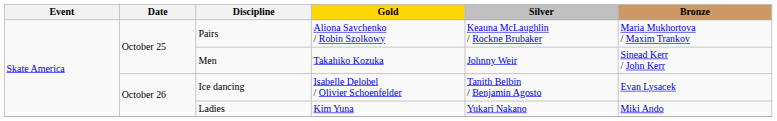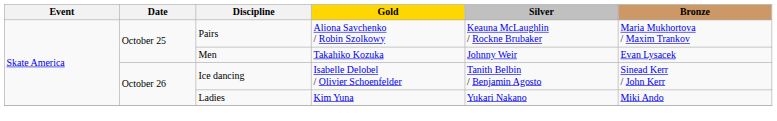 <table class="wikitable" width="98%">
 <tr>
 <th width="15%">Event</th>
 <th width="10%">Date</th>
 <th width="15%">Discipline</th>
 <td width = "20%" align="center" bgcolor="gold"><strong>Gold</strong></td>
 <td width = "20%" align="center" bgcolor="silver"><strong>Silver</strong></td>
 <td width = "20%" align="center" bgcolor="cc9966"><strong>Bronze</strong></td>
 </tr>
 <tr>
 <td rowspan="4"> <a href='#'>Skate America</a></td>
 <td rowspan="2">October 25</td>
 <td>Pairs</td>
 <td> <a href='#'>Aliona Savchenko</a> <br>/  <a href='#'>Robin Szolkowy</a></td>
 <td> <a href='#'>Keauna McLaughlin</a> <br>/  <a href='#'>Rockne Brubaker</a></td>
 <td> <a href='#'>Maria Mukhortova</a> <br>/  <a href='#'>Maxim Trankov</a></td>
 </tr>
 <tr>
 <td>Men</td>
 <td> <a href='#'>Takahiko Kozuka</a></td>
 <td> <a href='#'>Johnny Weir</a></td>
-<td> <a href='#'>Sinead Kerr</a> <br>/  <a href='#'>John Kerr</a></td>
+<td> <a href='#'>Evan Lysacek</a></td>
 </tr>
 <tr>
 <td rowspan = 2>October 26</td>
 <td>Ice dancing</td>
 <td> <a href='#'>Isabelle Delobel</a> <br>/  <a href='#'>Olivier Schoenfelder</a></td>
 <td> <a href='#'>Tanith Belbin</a> <br>/  <a href='#'>Benjamin Agosto</a></td>
-<td> <a href='#'>Evan Lysacek</a></td>
+<td> <a href='#'>Sinead Kerr</a> <br>/  <a href='#'>John Kerr</a></td>
 </tr>
 <tr>
 <td>Ladies</td>
 <td> <a href='#'>Kim Yuna</a></td>
 <td> <a href='#'>Yukari Nakano</a></td>
 <td> <a href='#'>Miki Ando</a></td>
 </tr>
 <tr>
 </tr>
 </table>
